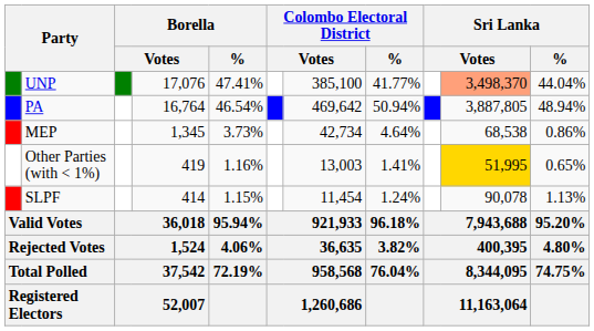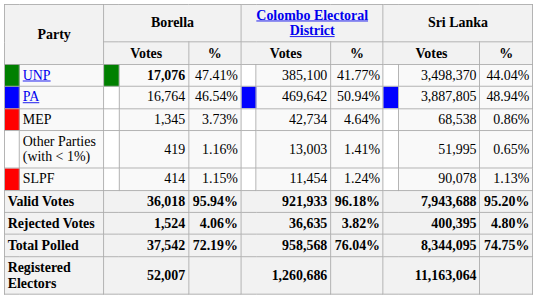 <table class="wikitable">
 <tr>
 <th colspan="2" width="144px"rowspan="2">Party</th>
 <th colspan="3" width="216px">Borella</th>
 <th colspan="3" width="216px"><a href='#'>Colombo Electoral District</a></th>
 <th colspan="3" width="216px">Sri Lanka</th>
 </tr>
 <tr>
 <th colspan="2" width="144px">Votes</th>
 <th>%</th>
 <th colspan="2" width="144px">Votes</th>
 <th>%</th>
 <th colspan="2" width="144px">Votes</th>
 <th>%</th>
 </tr>
 <tr>
 <td style="background-color:green;" width="10px"></td>
 <td style="text-align:left;"><a href='#'>UNP</a></td>
 <td style="background-color:green;" width="10px"></td>
-<td style="text-align:right;">17,076</td>
+<td style="text-align:right;"><strong>17,076</strong></td>
 <td style="text-align:right;">47.41%</td>
 <td style="background-color:white;" width="10px"></td>
 <td style="text-align:right;">385,100</td>
 <td style="text-align:right;">41.77%</td>
 <td style="background-color:white;" width="10px"></td>
-<td style="background: lightsalmon; text-align:right;">3,498,370</td>
+<td style="text-align:right;">3,498,370</td>
 <td style="text-align:right;">44.04%</td>
 </tr>
 <tr>
 <td style="background-color:blue;" width="10px"></td>
 <td style="text-align:left;"><a href='#'>PA</a></td>
 <td style="background-color:white;" width="10px"></td>
 <td style="text-align:right;">16,764</td>
 <td style="text-align:right;">46.54%</td>
 <td style="background-color:blue;" width="10px"></td>
 <td style="text-align:right;">469,642</td>
 <td style="text-align:right;">50.94%</td>
 <td style="background-color:blue;" width="10px"></td>
 <td style="text-align:right;">3,887,805</td>
 <td style="text-align:right;">48.94%</td>
 </tr>
 <tr>
 <td style="background-color:red;" width="10px"></td>
 <td style="text-align:left;">MEP</td>
 <td style="background-color:white;" width="10px"></td>
 <td style="text-align:right;">1,345</td>
 <td style="text-align:right;">3.73%</td>
 <td style="background-color:white;" width="10px"></td>
 <td style="text-align:right;">42,734</td>
 <td style="text-align:right;">4.64%</td>
 <td style="background-color:white;" width="10px"></td>
 <td style="text-align:right;">68,538</td>
 <td style="text-align:right;">0.86%</td>
 </tr>
 <tr>
 <td style="background-color:white;" width="10px"></td>
 <td style="text-align:left;">Other Parties (with < 1%)</td>
 <td style="background-color:white;" width="10px"></td>
 <td style="text-align:right;">419</td>
 <td style="text-align:right;">1.16%</td>
 <td style="background-color:white;" width="10px"></td>
 <td style="text-align:right;">13,003</td>
 <td style="text-align:right;">1.41%</td>
 <td style="background-color:white;" width="10px"></td>
-<td style="background: gold; text-align:right;">51,995</td>
+<td style="text-align:right;">51,995</td>
 <td style="text-align:right;">0.65%</td>
 </tr>
 <tr>
 <td style="background-color:red;" width="10px"></td>
 <td style="text-align:left;">SLPF</td>
 <td style="background-color:white;" width="10px"></td>
 <td style="text-align:right;">414</td>
 <td style="text-align:right;">1.15%</td>
 <td style="background-color:white;" width="10px"></td>
 <td style="text-align:right;">11,454</td>
 <td style="text-align:right;">1.24%</td>
 <td style="background-color:white;" width="10px"></td>
 <td style="text-align:right;">90,078</td>
 <td style="text-align:right;">1.13%</td>
 </tr>
 <tr>
 <th colspan="2" width="144px"style="text-align:left;">Valid Votes</th>
 <th style="text-align:right;"colspan="2" width="144px">36,018</th>
 <th style="text-align:right;">95.94%</th>
 <th style="text-align:right;"colspan="2" width="144px">921,933</th>
 <th style="text-align:right;">96.18%</th>
 <th style="text-align:right;"colspan="2" width="144px">7,943,688</th>
 <th style="text-align:right;">95.20%</th>
 </tr>
 <tr>
 <th colspan="2" width="144px"style="text-align:left;">Rejected Votes</th>
 <th style="text-align:right;"colspan="2" width="144px">1,524</th>
 <th style="text-align:right;">4.06%</th>
 <th style="text-align:right;"colspan="2" width="144px">36,635</th>
 <th style="text-align:right;">3.82%</th>
 <th style="text-align:right;"colspan="2" width="144px">400,395</th>
 <th style="text-align:right;">4.80%</th>
 </tr>
 <tr>
 <th colspan="2" width="144px"style="text-align:left;">Total Polled</th>
 <th style="text-align:right;"colspan="2" width="144px">37,542</th>
 <th style="text-align:right;">72.19%</th>
 <th style="text-align:right;"colspan="2" width="144px">958,568</th>
 <th style="text-align:right;">76.04%</th>
 <th style="text-align:right;"colspan="2" width="144px">8,344,095</th>
 <th style="text-align:right;">74.75%</th>
 </tr>
 <tr>
 <th colspan="2" width="144px"style="text-align:left;">Registered Electors</th>
 <th style="text-align:right;"colspan="2" width="144px">52,007</th>
 <th></th>
 <th style="text-align:right;"colspan="2" width="144px">1,260,686</th>
 <th></th>
 <th style="text-align:right;"colspan="2" width="144px">11,163,064</th>
 <th></th>
 </tr>
 </table>
